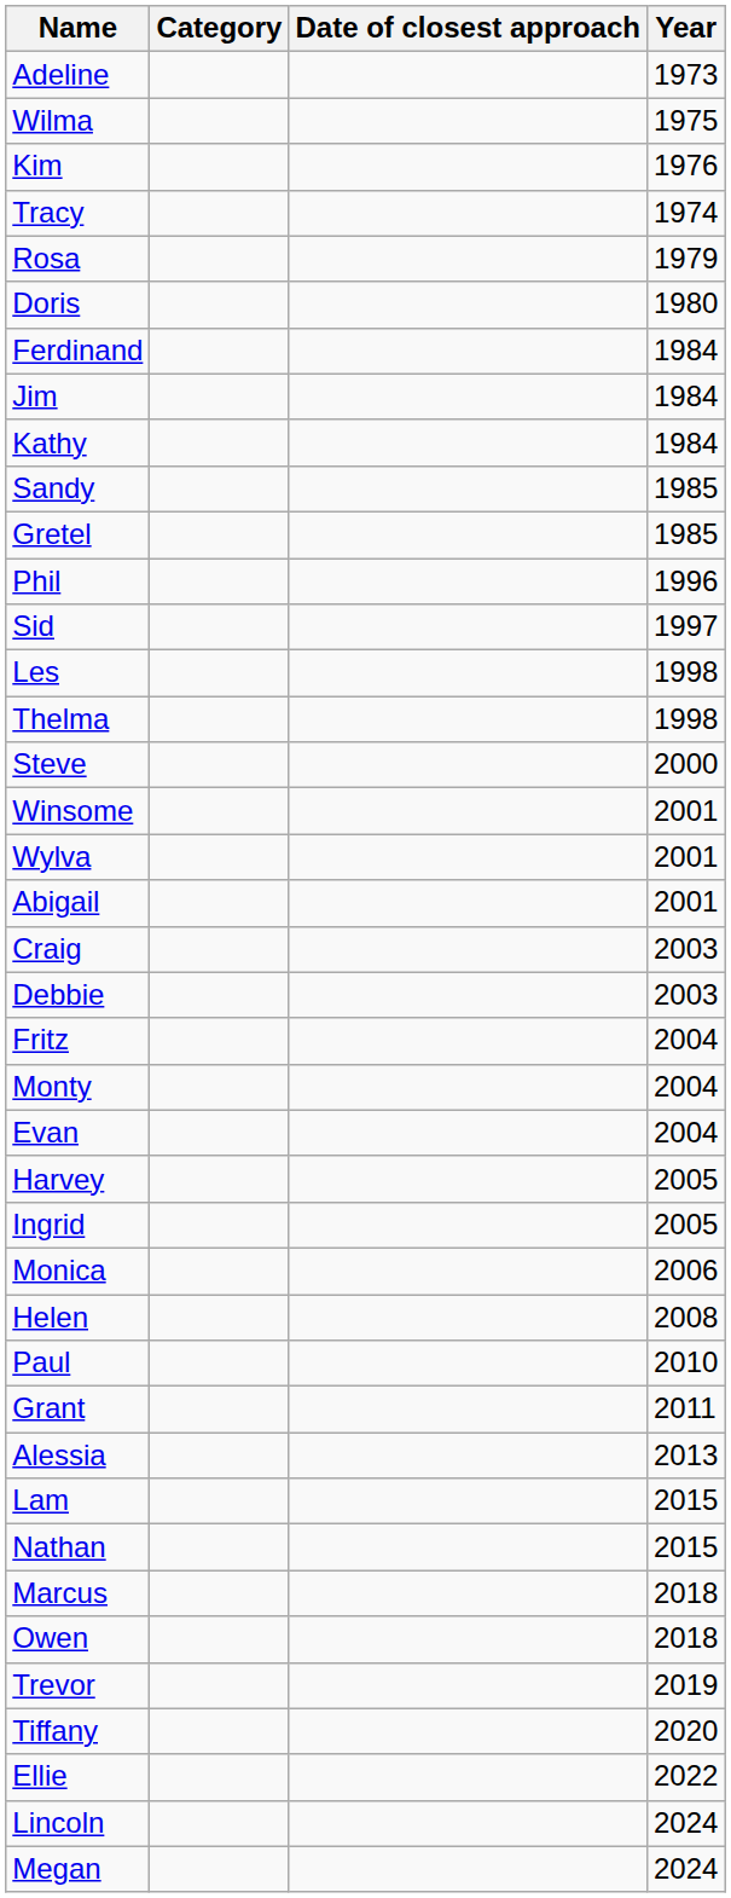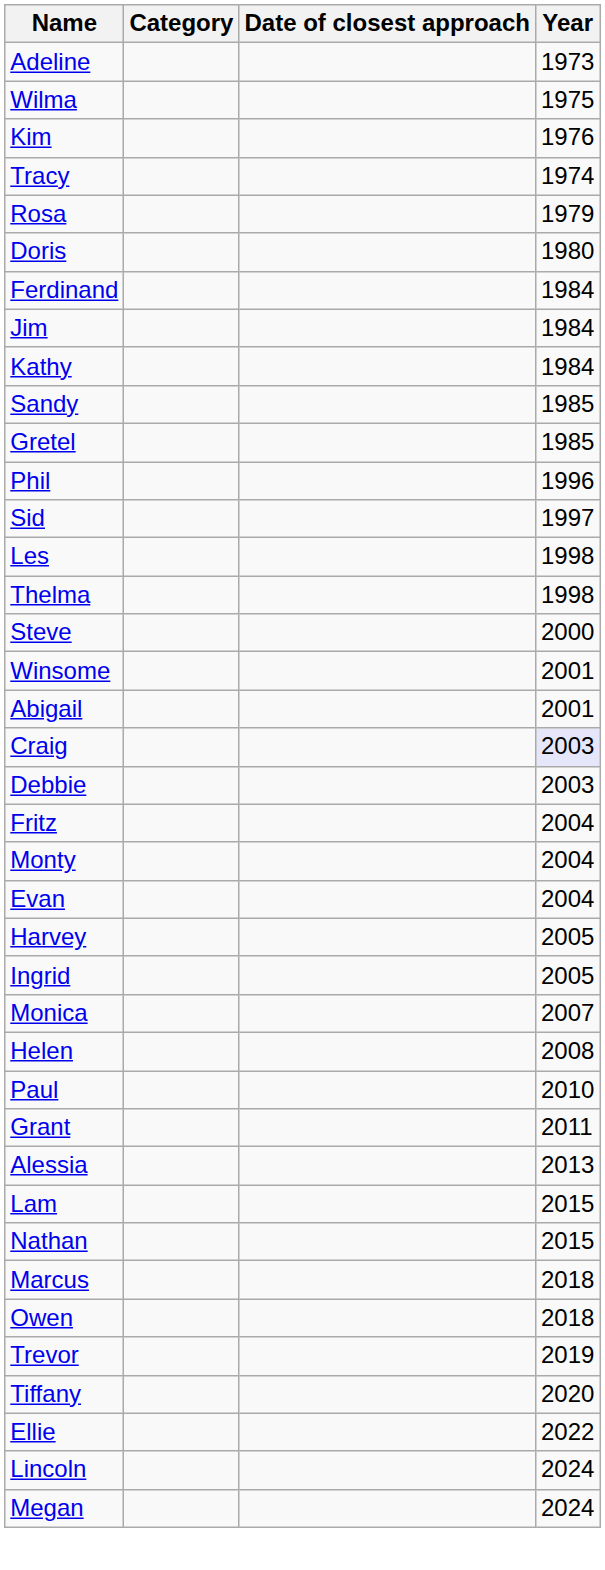 <table class = "wikitable">
 <tr>
 <th>Name</th>
 <th>Category</th>
 <th>Date of closest approach</th>
 <th>Year</th>
 </tr>
 <tr>
 <td><a href='#'>Adeline</a></td>
 <td></td>
 <td></td>
 <td>1973</td>
 </tr>
 <tr>
 <td><a href='#'>Wilma</a></td>
 <td></td>
 <td></td>
 <td>1975</td>
 </tr>
 <tr>
 <td><a href='#'>Kim</a></td>
 <td></td>
 <td></td>
 <td>1976</td>
 </tr>
 <tr>
 <td><a href='#'>Tracy</a></td>
 <td></td>
 <td></td>
 <td>1974</td>
 </tr>
 <tr>
 <td><a href='#'>Rosa</a></td>
 <td></td>
 <td></td>
 <td>1979</td>
 </tr>
 <tr>
 <td><a href='#'>Doris</a></td>
 <td></td>
 <td></td>
 <td>1980</td>
 </tr>
 <tr>
 <td><a href='#'>Ferdinand</a></td>
 <td></td>
 <td></td>
 <td>1984</td>
 </tr>
 <tr>
 <td><a href='#'>Jim</a></td>
 <td></td>
 <td></td>
 <td>1984</td>
 </tr>
 <tr>
 <td><a href='#'>Kathy</a></td>
 <td></td>
 <td></td>
 <td>1984</td>
 </tr>
 <tr>
 <td><a href='#'>Sandy</a></td>
 <td></td>
 <td></td>
 <td>1985</td>
 </tr>
 <tr>
 <td><a href='#'>Gretel</a></td>
 <td></td>
 <td></td>
 <td>1985</td>
 </tr>
 <tr>
 <td><a href='#'>Phil</a></td>
 <td></td>
 <td></td>
 <td>1996</td>
 </tr>
 <tr>
 <td><a href='#'>Sid</a></td>
 <td></td>
 <td></td>
 <td>1997</td>
 </tr>
 <tr>
 <td><a href='#'>Les</a></td>
 <td></td>
 <td></td>
 <td>1998</td>
 </tr>
 <tr>
 <td><a href='#'>Thelma</a></td>
 <td></td>
 <td></td>
 <td>1998</td>
 </tr>
 <tr>
 <td><a href='#'>Steve</a></td>
 <td></td>
 <td></td>
 <td>2000</td>
 </tr>
 <tr>
 <td><a href='#'>Winsome</a></td>
 <td></td>
 <td></td>
 <td>2001</td>
 </tr>
 <tr>
-<td><a href='#'>Wylva</a></td>
-<td></td>
-<td></td>
-<td>2001</td>
-</tr>
-<tr>
 <td><a href='#'>Abigail</a></td>
 <td></td>
 <td></td>
 <td>2001</td>
 </tr>
 <tr>
 <td><a href='#'>Craig</a></td>
 <td></td>
 <td></td>
-<td>2003</td>
+<td style="background: lavender;">2003</td>
 </tr>
 <tr>
 <td><a href='#'>Debbie</a></td>
 <td></td>
 <td></td>
 <td>2003</td>
 </tr>
 <tr>
 <td><a href='#'>Fritz</a></td>
 <td></td>
 <td></td>
 <td>2004</td>
 </tr>
 <tr>
 <td><a href='#'>Monty</a></td>
 <td></td>
 <td></td>
 <td>2004</td>
 </tr>
 <tr>
 <td><a href='#'>Evan</a></td>
 <td></td>
 <td></td>
 <td>2004</td>
 </tr>
 <tr>
 <td><a href='#'>Harvey</a></td>
 <td></td>
 <td></td>
 <td>2005</td>
 </tr>
 <tr>
 <td><a href='#'>Ingrid</a></td>
 <td></td>
 <td></td>
 <td>2005</td>
 </tr>
 <tr>
 <td><a href='#'>Monica</a></td>
 <td></td>
 <td></td>
-<td>2006</td>
+<td>2007</td>
 </tr>
 <tr>
 <td><a href='#'>Helen</a></td>
 <td></td>
 <td></td>
 <td>2008</td>
 </tr>
 <tr>
 <td><a href='#'>Paul</a></td>
 <td></td>
 <td></td>
 <td>2010</td>
 </tr>
 <tr>
 <td><a href='#'>Grant</a></td>
 <td></td>
 <td></td>
 <td>2011</td>
 </tr>
 <tr>
 <td><a href='#'>Alessia</a></td>
 <td></td>
 <td></td>
 <td>2013</td>
 </tr>
 <tr>
 <td><a href='#'>Lam</a></td>
 <td></td>
 <td></td>
 <td>2015</td>
 </tr>
 <tr>
 <td><a href='#'>Nathan</a></td>
 <td></td>
 <td></td>
 <td>2015</td>
 </tr>
 <tr>
 <td><a href='#'>Marcus</a></td>
 <td></td>
 <td></td>
 <td>2018</td>
 </tr>
 <tr>
 <td><a href='#'>Owen</a></td>
 <td></td>
 <td></td>
 <td>2018</td>
 </tr>
 <tr>
 <td><a href='#'>Trevor</a></td>
 <td></td>
 <td></td>
 <td>2019</td>
 </tr>
 <tr>
 <td><a href='#'>Tiffany</a></td>
 <td></td>
 <td></td>
 <td>2020</td>
 </tr>
 <tr>
 <td><a href='#'>Ellie</a></td>
 <td></td>
 <td></td>
 <td>2022</td>
 </tr>
 <tr>
 <td><a href='#'>Lincoln</a></td>
 <td></td>
 <td></td>
 <td>2024</td>
 </tr>
 <tr>
 <td><a href='#'>Megan</a></td>
 <td></td>
 <td></td>
 <td>2024</td>
 </tr>
 </table>
